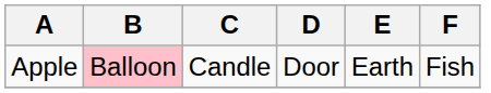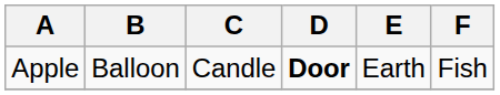 <table class="wikitable">
 <tr>
 <th>A</th>
 <th>B</th>
 <th>C</th>
 <th>D</th>
 <th>E</th>
 <th>F</th>
 </tr>
 <tr>
 <td>Apple</td>
-<td style="background: pink;">Balloon</td>
+<td>Balloon</td>
 <td>Candle</td>
-<td>Door</td>
+<td><strong>Door</strong></td>
 <td>Earth</td>
 <td>Fish</td>
 </tr>
 <tr>
 </tr>
 </table>
